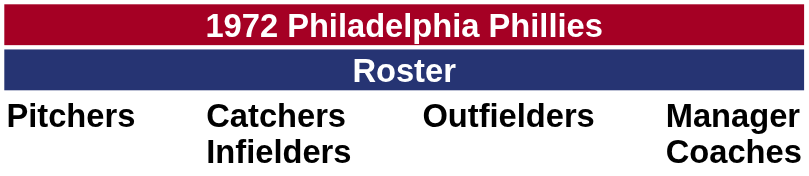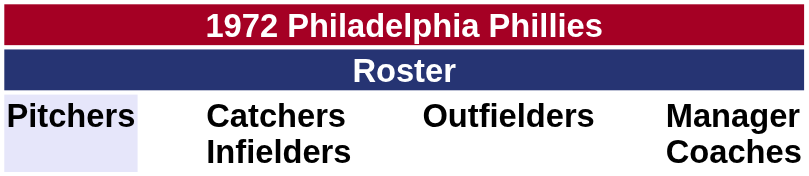 <table class="toccolours" style="font-size: 95%;">
 <tr>
 <th colspan="10" style="background-color: #A50024; color: white; text-align: center;">1972 Philadelphia Phillies</th>
 </tr>
 <tr>
 <td colspan="10" style="background-color: #263473; color: white; text-align: center;"><strong>Roster</strong></td>
 </tr>
 <tr>
-<td valign="top"><strong>Pitchers</strong><br>               </td>
+<td valign="top" style="background: lavender;"><strong>Pitchers</strong><br>               </td>
 <td width="25px"></td>
 <td valign="top"><strong>Catchers</strong><br>    <strong>Infielders</strong>          </td>
 <td width="25px"></td>
 <td valign="top"><strong>Outfielders</strong><br>       </td>
 <td width="25px"></td>
 <td valign="top"><strong>Manager</strong><br>  <strong>Coaches</strong>     </td>
 </tr>
 </table>
